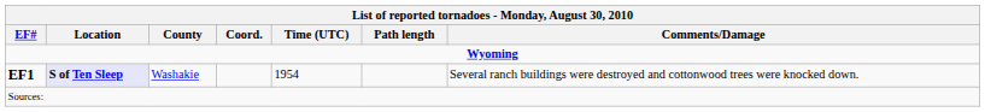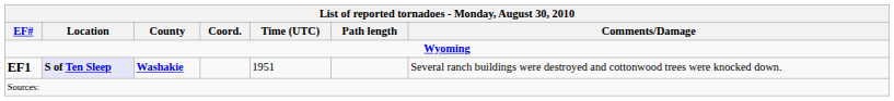 <table class="wikitable collapsible" width="100%">
 <tr>
 <th colspan="7">List of reported tornadoes - Monday, August 30, 2010</th>
 </tr>
 <tr>
 <th><a href='#'>EF#</a></th>
 <th>Location</th>
 <th>County</th>
 <th>Coord.</th>
 <th>Time (UTC)</th>
 <th>Path length</th>
 <th>Comments/Damage</th>
 </tr>
 <tr>
 <td colspan="7" align=center><strong><a href='#'>Wyoming</a></strong></td>
 </tr>
 <tr>
 <td><big><strong>EF1</strong></big></td>
 <td style="background: lavender;"><strong>S of <a href='#'>Ten Sleep</a></strong></td>
-<td><a href='#'>Washakie</a></td>
+<td><strong><a href='#'>Washakie</a></strong></td>
 <td></td>
-<td>1954</td>
+<td>1951</td>
 <td></td>
 <td>Several ranch buildings were destroyed and cottonwood trees were knocked down.</td>
 </tr>
 <tr>
 <td colspan="7"><small>Sources:<br></small></td>
 </tr>
 </table>
